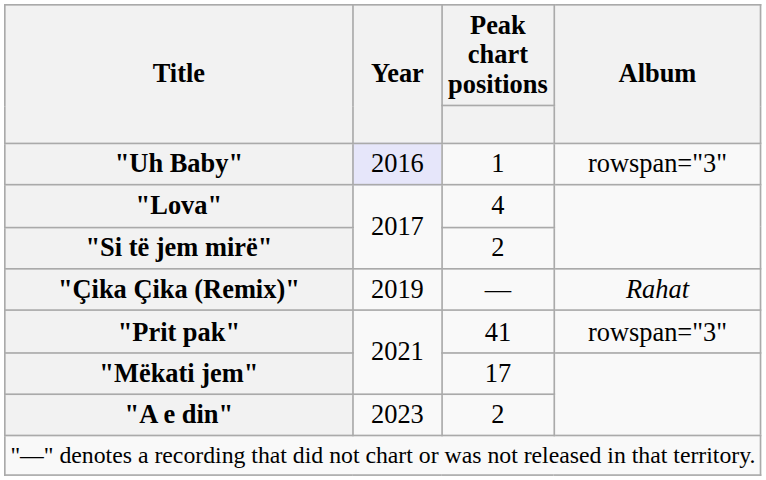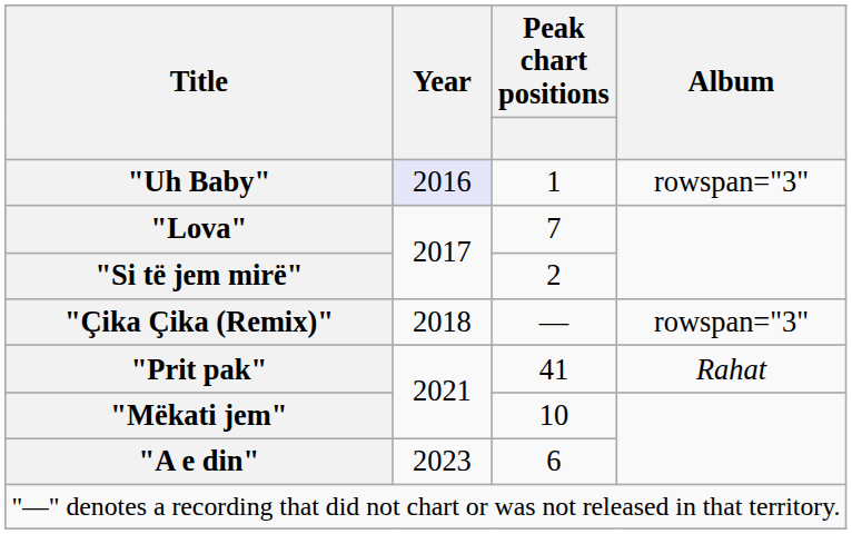 <table class="wikitable plainrowheaders" style="text-align:center;">
 <tr>
 <th scope="col" rowspan="2">Title</th>
 <th scope="col" rowspan="2">Year</th>
 <th scope="col" colspan="1">Peak<br>chart<br>positions</th>
 <th scope="col" rowspan="2">Album</th>
 </tr>
 <tr>
 <th scope=col style="width:3em; font-size:85%;"><a href='#'></a><br></th>
 </tr>
 <tr>
 <th scope="row">"Uh Baby"<br></th>
 <td style="background: lavender;">2016</td>
 <td>1</td>
 <td>rowspan="3" </td>
 </tr>
 <tr>
 <th scope="row">"Lova"<br></th>
 <td rowspan="2">2017</td>
-<td>4</td>
+<td>7</td>
 </tr>
 <tr>
 <th scope="row">"Si të jem mirë"<br></th>
 <td>2</td>
 </tr>
 <tr>
 <th scope="row">"Çika Çika (Remix)"<br></th>
-<td>2019</td>
+<td>2018</td>
 <td>—</td>
-<td><em>Rahat</em></td>
+<td>rowspan="3" </td>
 </tr>
 <tr>
 <th scope="row">"Prit pak"<br></th>
 <td rowspan="2">2021</td>
 <td>41</td>
-<td>rowspan="3" </td>
+<td><em>Rahat</em></td>
 </tr>
 <tr>
 <th scope="row">"Mëkati jem"<br></th>
-<td>17</td>
+<td>10</td>
 </tr>
 <tr>
 <th scope="row">"A e din"<br></th>
 <td rowspan="1">2023</td>
-<td>2</td>
+<td>6</td>
 </tr>
 <tr>
 <td colspan="11" style="font-size:90%">"—" denotes a recording that did not chart or was not released in that territory.</td>
 </tr>
 </table>
